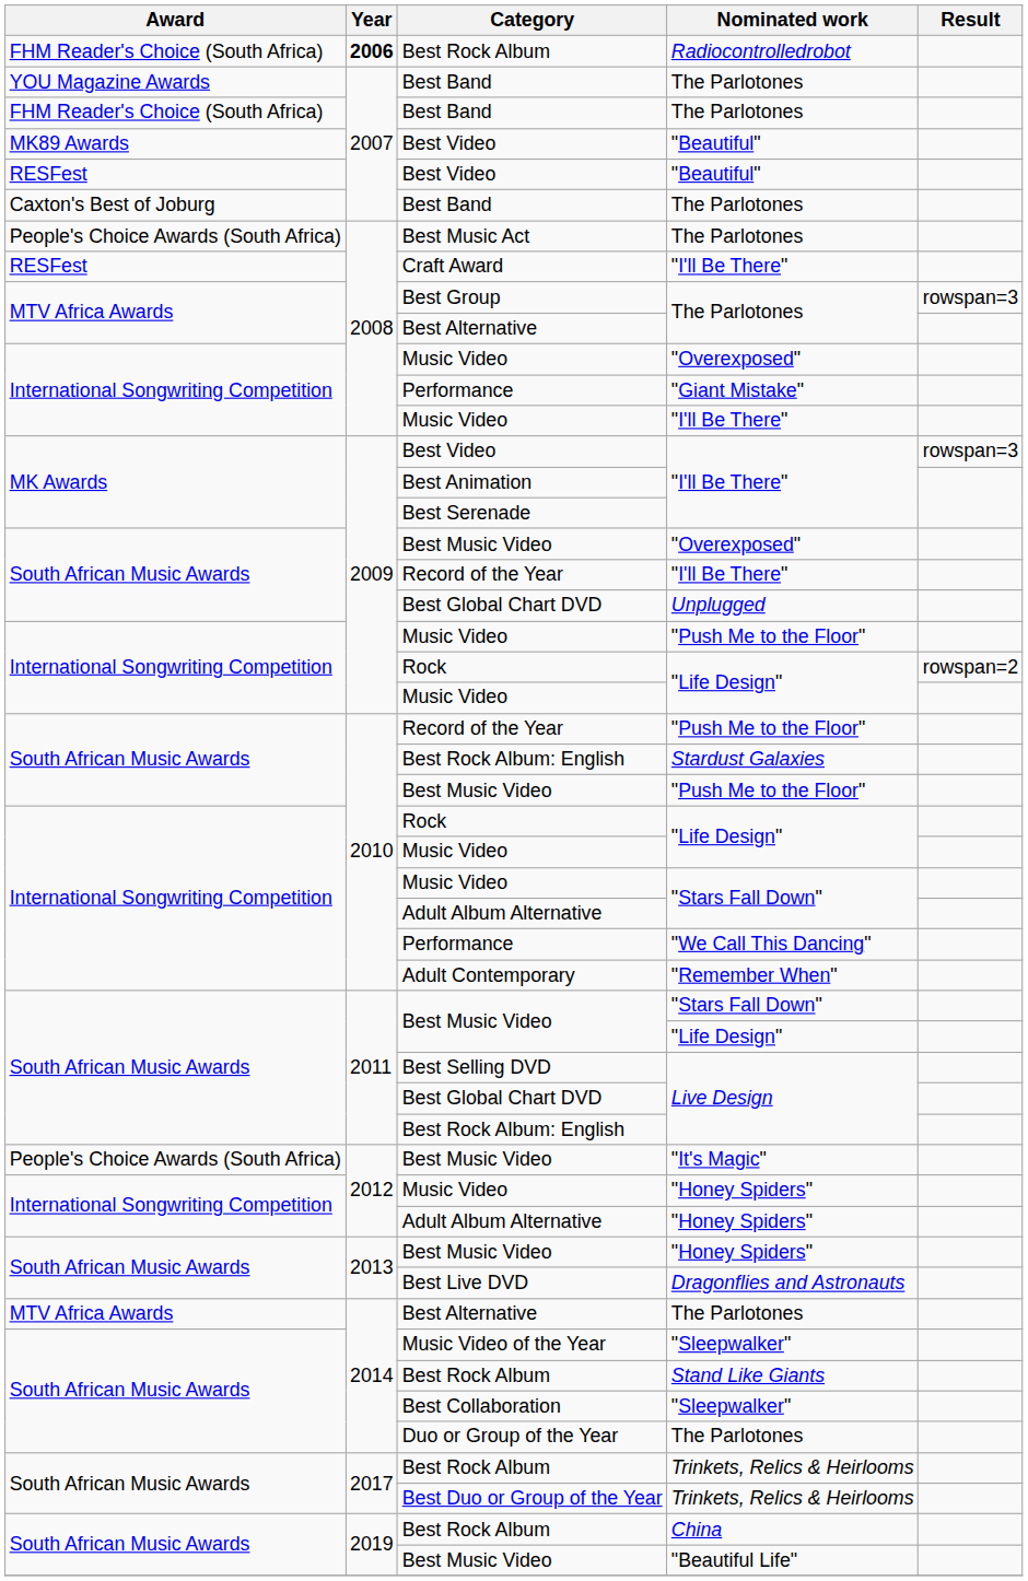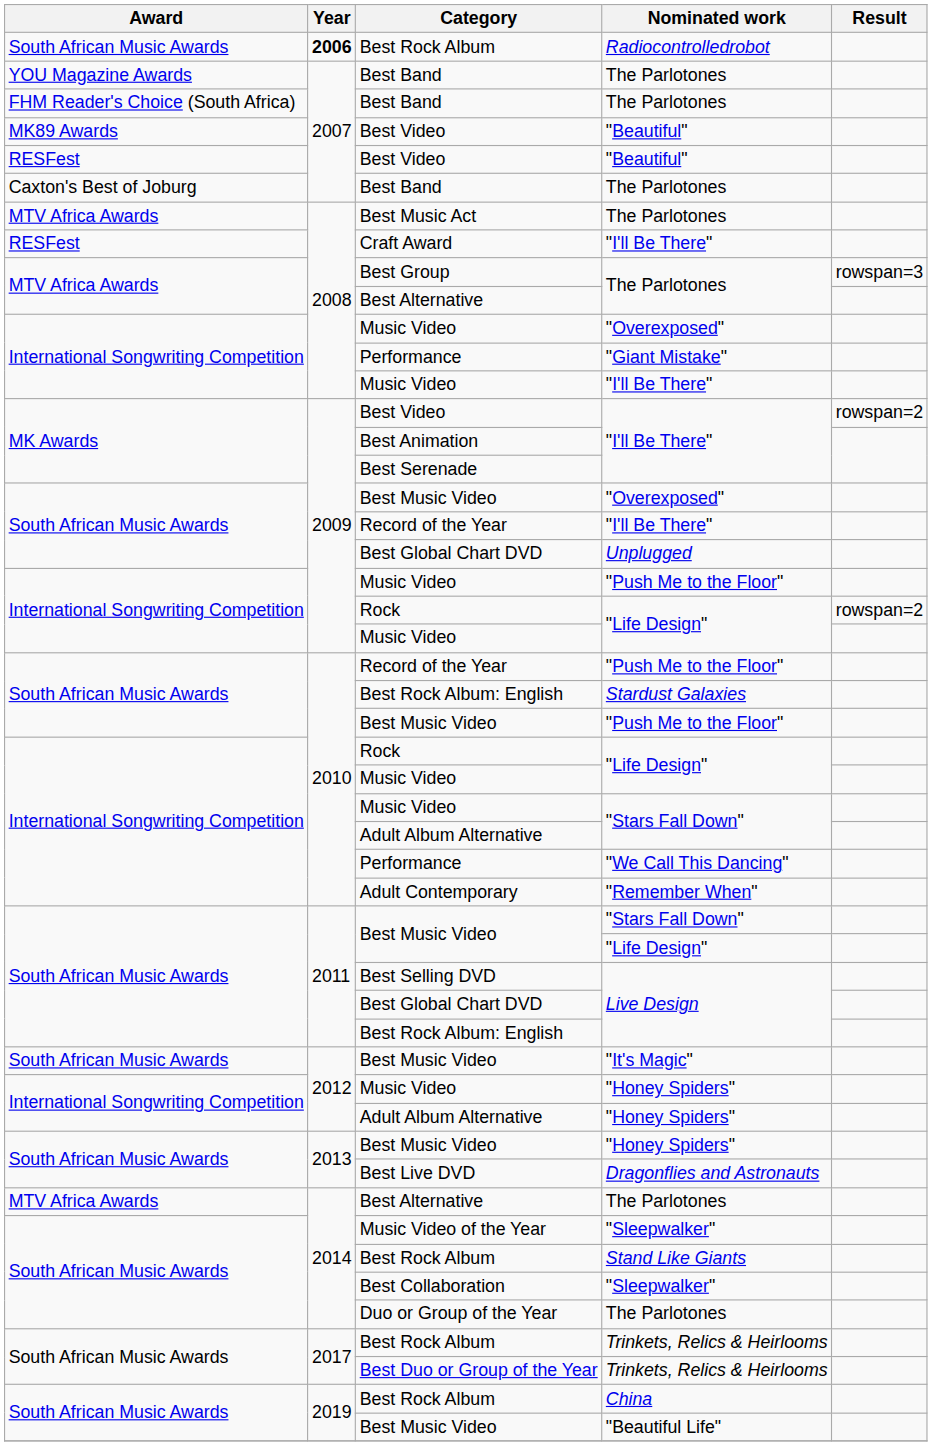 <table class="wikitable">
 <tr>
 <th>Award</th>
 <th>Year</th>
 <th>Category</th>
 <th>Nominated work</th>
 <th>Result</th>
 </tr>
 <tr>
-<td><a href='#'>FHM Reader's Choice</a> (South Africa)</td>
+<td><a href='#'>South African Music Awards</a></td>
 <td><strong>2006</strong></td>
 <td>Best Rock Album</td>
 <td><em><a href='#'>Radiocontrolledrobot</a></em></td>
 <td></td>
 </tr>
 <tr>
 <td><a href='#'>YOU Magazine Awards</a></td>
 <td rowspan=5>2007</td>
 <td>Best Band</td>
 <td>The Parlotones</td>
 <td></td>
 </tr>
 <tr>
 <td><a href='#'>FHM Reader's Choice</a> (South Africa)</td>
 <td>Best Band</td>
 <td>The Parlotones</td>
 <td></td>
 </tr>
 <tr>
 <td><a href='#'>MK89 Awards</a></td>
 <td>Best Video</td>
 <td>"<a href='#'>Beautiful</a>"</td>
 <td></td>
 </tr>
 <tr>
 <td><a href='#'>RESFest</a></td>
 <td>Best Video</td>
 <td>"<a href='#'>Beautiful</a>"</td>
 <td></td>
 </tr>
 <tr>
 <td>Caxton's Best of Joburg</td>
 <td>Best Band</td>
 <td>The Parlotones</td>
 <td></td>
 </tr>
 <tr>
-<td>People's Choice Awards (South Africa)</td>
+<td><a href='#'>MTV Africa Awards</a></td>
 <td rowspan=7>2008</td>
 <td>Best Music Act</td>
 <td>The Parlotones</td>
 <td></td>
 </tr>
 <tr>
 <td><a href='#'>RESFest</a></td>
 <td>Craft Award</td>
 <td>"<a href='#'>I'll Be There</a>"</td>
 <td></td>
 </tr>
 <tr>
 <td rowspan=2><a href='#'>MTV Africa Awards</a></td>
 <td>Best Group</td>
 <td rowspan=2>The Parlotones</td>
 <td>rowspan=3 </td>
 </tr>
 <tr>
 <td>Best Alternative</td>
 </tr>
 <tr>
 <td rowspan=3><a href='#'>International Songwriting Competition</a></td>
 <td>Music Video</td>
 <td>"<a href='#'>Overexposed</a>"</td>
 <td></td>
 </tr>
 <tr>
 <td>Performance</td>
 <td>"<a href='#'>Giant Mistake</a>"</td>
 <td></td>
 </tr>
 <tr>
 <td>Music Video</td>
 <td>"<a href='#'>I'll Be There</a>"</td>
 <td></td>
 </tr>
 <tr>
 <td rowspan=3><a href='#'>MK Awards</a></td>
 <td rowspan=9>2009</td>
 <td>Best Video</td>
 <td rowspan=3>"<a href='#'>I'll Be There</a>"</td>
-<td>rowspan=3 </td>
+<td>rowspan=2 </td>
 </tr>
 <tr>
 <td>Best Animation</td>
 </tr>
 <tr>
 <td>Best Serenade</td>
 </tr>
 <tr>
 <td rowspan=3><a href='#'>South African Music Awards</a></td>
 <td>Best Music Video</td>
 <td>"<a href='#'>Overexposed</a>"</td>
 <td></td>
 </tr>
 <tr>
 <td>Record of the Year</td>
 <td>"<a href='#'>I'll Be There</a>"</td>
 <td></td>
 </tr>
 <tr>
 <td>Best Global Chart DVD</td>
 <td><em><a href='#'>Unplugged</a></em></td>
 <td></td>
 </tr>
 <tr>
 <td rowspan=3><a href='#'>International Songwriting Competition</a></td>
 <td>Music Video</td>
 <td>"<a href='#'>Push Me to the Floor</a>"</td>
 <td></td>
 </tr>
 <tr>
 <td>Rock</td>
 <td rowspan=2>"<a href='#'>Life Design</a>"</td>
 <td>rowspan=2 </td>
 </tr>
 <tr>
 <td>Music Video</td>
 </tr>
 <tr>
 <td rowspan=3><a href='#'>South African Music Awards</a></td>
 <td rowspan=9>2010</td>
 <td>Record of the Year</td>
 <td>"<a href='#'>Push Me to the Floor</a>"</td>
 <td></td>
 </tr>
 <tr>
 <td>Best Rock Album: English</td>
 <td><em><a href='#'>Stardust Galaxies</a></em></td>
 <td></td>
 </tr>
 <tr>
 <td>Best Music Video</td>
 <td>"<a href='#'>Push Me to the Floor</a>"</td>
 <td></td>
 </tr>
 <tr>
 <td rowspan=6><a href='#'>International Songwriting Competition</a></td>
 <td>Rock</td>
 <td rowspan=2>"<a href='#'>Life Design</a>"</td>
 <td></td>
 </tr>
 <tr>
 <td>Music Video</td>
 <td></td>
 </tr>
 <tr>
 <td>Music Video</td>
 <td rowspan=2>"<a href='#'>Stars Fall Down</a>"</td>
 <td></td>
 </tr>
 <tr>
 <td>Adult Album Alternative</td>
 <td></td>
 </tr>
 <tr>
 <td>Performance</td>
 <td>"<a href='#'>We Call This Dancing</a>"</td>
 <td></td>
 </tr>
 <tr>
 <td>Adult Contemporary</td>
 <td>"<a href='#'>Remember When</a>"</td>
 <td></td>
 </tr>
 <tr>
 <td rowspan=5><a href='#'>South African Music Awards</a></td>
 <td rowspan=5>2011</td>
 <td rowspan=2>Best Music Video</td>
 <td>"<a href='#'>Stars Fall Down</a>"</td>
 <td></td>
 </tr>
 <tr>
 <td>"<a href='#'>Life Design</a>"</td>
 <td></td>
 </tr>
 <tr>
 <td>Best Selling DVD</td>
 <td rowspan=3><em><a href='#'>Live Design</a></em></td>
 <td></td>
 </tr>
 <tr>
 <td>Best Global Chart DVD</td>
 <td></td>
 </tr>
 <tr>
 <td>Best Rock Album: English</td>
 <td></td>
 </tr>
 <tr>
-<td>People's Choice Awards (South Africa)</td>
+<td><a href='#'>South African Music Awards</a></td>
 <td rowspan=3>2012</td>
 <td>Best Music Video</td>
 <td>"<a href='#'>It's Magic</a>"</td>
 <td></td>
 </tr>
 <tr>
 <td rowspan=2><a href='#'>International Songwriting Competition</a></td>
 <td>Music Video</td>
 <td>"<a href='#'>Honey Spiders</a>"</td>
 <td></td>
 </tr>
 <tr>
 <td>Adult Album Alternative</td>
 <td>"<a href='#'>Honey Spiders</a>"</td>
 <td></td>
 </tr>
 <tr>
 <td rowspan=2><a href='#'>South African Music Awards</a></td>
 <td rowspan=2>2013</td>
 <td>Best Music Video</td>
 <td>"<a href='#'>Honey Spiders</a>"</td>
 <td></td>
 </tr>
 <tr>
 <td>Best Live DVD</td>
 <td><em><a href='#'>Dragonflies and Astronauts</a></em></td>
 <td></td>
 </tr>
 <tr>
 <td><a href='#'>MTV Africa Awards</a></td>
 <td rowspan=5>2014</td>
 <td>Best Alternative</td>
 <td>The Parlotones</td>
 <td></td>
 </tr>
 <tr>
 <td rowspan=4><a href='#'>South African Music Awards</a></td>
 <td>Music Video of the Year</td>
 <td>"<a href='#'>Sleepwalker</a>"</td>
 <td></td>
 </tr>
 <tr>
 <td>Best Rock Album</td>
 <td><em><a href='#'>Stand Like Giants</a></em></td>
 <td></td>
 </tr>
 <tr>
 <td>Best Collaboration</td>
 <td>"<a href='#'>Sleepwalker</a>"</td>
 <td></td>
 </tr>
 <tr>
 <td>Duo or Group of the Year</td>
 <td>The Parlotones</td>
 <td></td>
 </tr>
 <tr>
 <td rowspan=2>South African Music Awards</td>
 <td rowspan=2>2017</td>
 <td>Best Rock Album</td>
 <td><em>Trinkets, Relics & Heirlooms</em></td>
 <td></td>
 </tr>
 <tr>
 <td><a href='#'>Best Duo or Group of the Year</a></td>
 <td><em>Trinkets, Relics & Heirlooms</em></td>
 <td></td>
 </tr>
 <tr |->
 <td rowspan=2><a href='#'>South African Music Awards</a></td>
 <td rowspan=2>2019</td>
 <td>Best Rock Album</td>
 <td><em><a href='#'>China</a></em></td>
 <td></td>
 </tr>
 <tr>
 <td>Best Music Video</td>
 <td>"Beautiful Life"</td>
 <td></td>
 </tr>
 <tr>
 </tr>
 </table>
